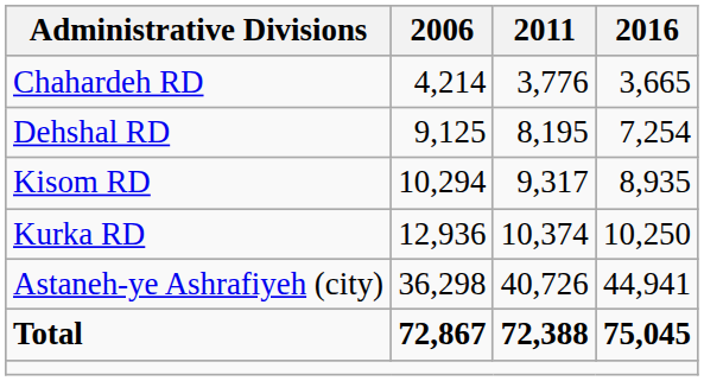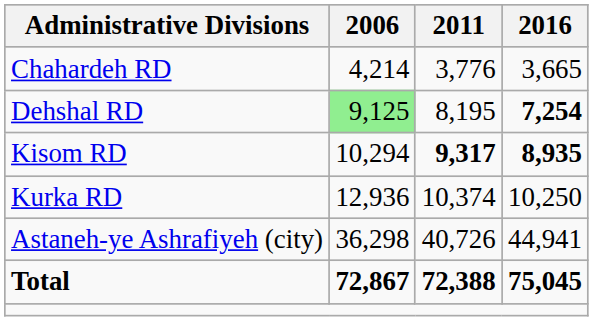 <table class="wikitable">
 <tr>
 <th>Administrative Divisions</th>
 <th>2006</th>
 <th>2011</th>
 <th>2016</th>
 </tr>
 <tr>
 <td><a href='#'>Chahardeh RD</a></td>
 <td style="text-align: right;">4,214</td>
 <td style="text-align: right;">3,776</td>
 <td style="text-align: right;">3,665</td>
 </tr>
 <tr>
 <td><a href='#'>Dehshal RD</a></td>
-<td style="text-align: right;">9,125</td>
+<td style="background: lightgreen; text-align: right;">9,125</td>
 <td style="text-align: right;">8,195</td>
-<td style="text-align: right;">7,254</td>
+<td style="text-align: right;"><strong>7,254</strong></td>
 </tr>
 <tr>
 <td><a href='#'>Kisom RD</a></td>
 <td style="text-align: right;">10,294</td>
-<td style="text-align: right;">9,317</td>
-<td style="text-align: right;">8,935</td>
+<td style="text-align: right;"><strong>9,317</strong></td>
+<td style="text-align: right;"><strong>8,935</strong></td>
 </tr>
 <tr>
 <td><a href='#'>Kurka RD</a></td>
 <td style="text-align: right;">12,936</td>
 <td style="text-align: right;">10,374</td>
 <td style="text-align: right;">10,250</td>
 </tr>
 <tr>
 <td><a href='#'>Astaneh-ye Ashrafiyeh</a> (city)</td>
 <td style="text-align: right;">36,298</td>
 <td style="text-align: right;">40,726</td>
 <td style="text-align: right;">44,941</td>
 </tr>
 <tr>
 <td><strong>Total</strong></td>
 <td style="text-align: right;"><strong>72,867</strong></td>
 <td style="text-align: right;"><strong>72,388</strong></td>
 <td style="text-align: right;"><strong>75,045</strong></td>
 </tr>
 <tr>
 <td colspan=4></td>
 </tr>
 </table>
